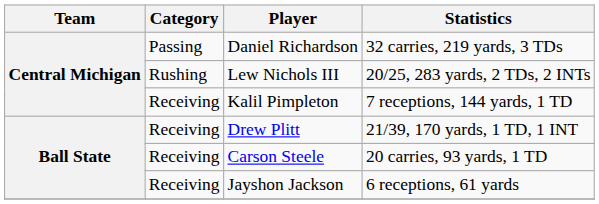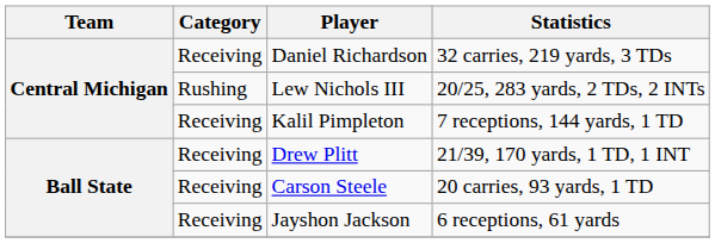 <table class="wikitable" style="float: left;">
 <tr>
 <th>Team</th>
 <th>Category</th>
 <th>Player</th>
 <th>Statistics</th>
 </tr>
 <tr>
 <th rowspan=3>Central Michigan</th>
-<td>Passing</td>
+<td>Receiving</td>
 <td>Daniel Richardson</td>
 <td>32 carries, 219 yards, 3 TDs</td>
 </tr>
 <tr>
 <td>Rushing</td>
 <td>Lew Nichols III</td>
 <td>20/25, 283 yards, 2 TDs, 2 INTs</td>
 </tr>
 <tr>
 <td>Receiving</td>
 <td>Kalil Pimpleton</td>
 <td>7 receptions, 144 yards, 1 TD</td>
 </tr>
 <tr>
 <th rowspan=3 style=>Ball State</th>
 <td>Receiving</td>
 <td><a href='#'>Drew Plitt</a></td>
 <td>21/39, 170 yards, 1 TD, 1 INT</td>
 </tr>
 <tr>
 <td>Receiving</td>
 <td><a href='#'>Carson Steele</a></td>
 <td>20 carries, 93 yards, 1 TD</td>
 </tr>
 <tr>
 <td>Receiving</td>
 <td>Jayshon Jackson</td>
 <td>6 receptions, 61 yards</td>
 </tr>
 <tr>
 </tr>
 </table>
